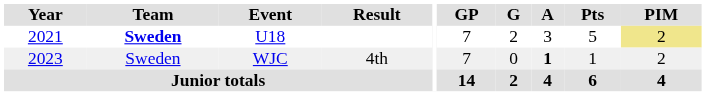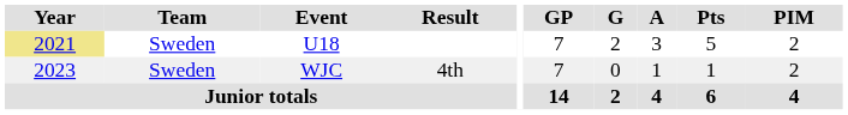 <table border="0" cellpadding="1" cellspacing="0" ID="Table3" style="text-align:center; width:40em">
 <tr bgcolor="#e0e0e0">
 <th>Year</th>
 <th>Team</th>
 <th>Event</th>
 <th>Result</th>
 <th rowspan="99" bgcolor="#ffffff"></th>
 <th>GP</th>
 <th>G</th>
 <th>A</th>
 <th>Pts</th>
 <th>PIM</th>
 </tr>
 <tr>
-<td><a href='#'>2021</a></td>
-<td><strong><a href='#'>Sweden</a></strong></td>
+<td style="background: khaki;"><a href='#'>2021</a></td>
+<td><a href='#'>Sweden</a></td>
 <td><a href='#'>U18</a></td>
 <td></td>
 <td>7</td>
 <td>2</td>
 <td>3</td>
 <td>5</td>
-<td style="background: khaki;">2</td>
+<td>2</td>
 </tr>
 <tr bgcolor="#f0f0f0">
 <td><a href='#'>2023</a></td>
 <td><a href='#'>Sweden</a></td>
 <td><a href='#'>WJC</a></td>
 <td>4th</td>
 <td>7</td>
 <td>0</td>
-<td><strong>1</strong></td>
+<td>1</td>
 <td>1</td>
 <td>2</td>
 </tr>
 <tr bgcolor="#e0e0e0">
 <th colspan="4">Junior totals</th>
 <th>14</th>
 <th>2</th>
 <th>4</th>
 <th>6</th>
 <th>4</th>
 </tr>
 </table>
